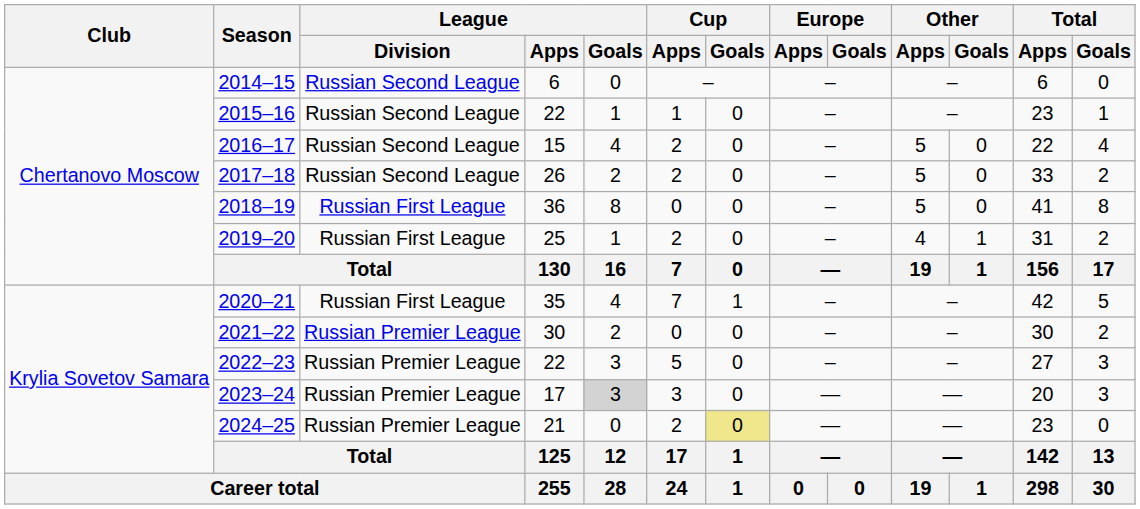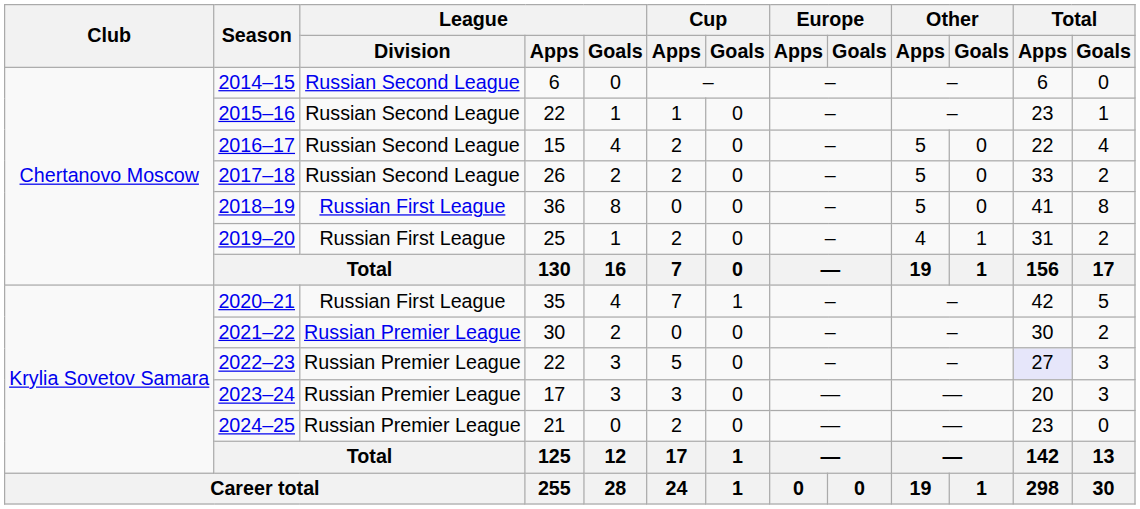 <table class="wikitable" style="text-align: center;">
 <tr>
 <th rowspan="2">Club</th>
 <th rowspan="2">Season</th>
 <th colspan="3">League</th>
 <th colspan="2">Cup</th>
 <th colspan="2">Europe</th>
 <th colspan="2">Other</th>
 <th colspan="2">Total</th>
 </tr>
 <tr>
 <th>Division</th>
 <th>Apps</th>
 <th>Goals</th>
 <th>Apps</th>
 <th>Goals</th>
 <th>Apps</th>
 <th>Goals</th>
 <th>Apps</th>
 <th>Goals</th>
 <th>Apps</th>
 <th>Goals</th>
 </tr>
 <tr>
 <td rowspan="7"><a href='#'>Chertanovo Moscow</a></td>
 <td><a href='#'>2014–15</a></td>
 <td><a href='#'>Russian Second League</a></td>
 <td>6</td>
 <td>0</td>
 <td colspan=2>–</td>
 <td colspan=2>–</td>
 <td colspan=2>–</td>
 <td>6</td>
 <td>0</td>
 </tr>
 <tr>
 <td><a href='#'>2015–16</a></td>
 <td>Russian Second League</td>
 <td>22</td>
 <td>1</td>
 <td>1</td>
 <td>0</td>
 <td colspan=2>–</td>
 <td colspan=2>–</td>
 <td>23</td>
 <td>1</td>
 </tr>
 <tr>
 <td><a href='#'>2016–17</a></td>
 <td>Russian Second League</td>
 <td>15</td>
 <td>4</td>
 <td>2</td>
 <td>0</td>
 <td colspan=2>–</td>
 <td>5</td>
 <td>0</td>
 <td>22</td>
 <td>4</td>
 </tr>
 <tr>
 <td><a href='#'>2017–18</a></td>
 <td>Russian Second League</td>
 <td>26</td>
 <td>2</td>
 <td>2</td>
 <td>0</td>
 <td colspan=2>–</td>
 <td>5</td>
 <td>0</td>
 <td>33</td>
 <td>2</td>
 </tr>
 <tr>
 <td><a href='#'>2018–19</a></td>
 <td><a href='#'>Russian First League</a></td>
 <td>36</td>
 <td>8</td>
 <td>0</td>
 <td>0</td>
 <td colspan=2>–</td>
 <td>5</td>
 <td>0</td>
 <td>41</td>
 <td>8</td>
 </tr>
 <tr>
 <td><a href='#'>2019–20</a></td>
 <td>Russian First League</td>
 <td>25</td>
 <td>1</td>
 <td>2</td>
 <td>0</td>
 <td colspan=2>–</td>
 <td>4</td>
 <td>1</td>
 <td>31</td>
 <td>2</td>
 </tr>
 <tr>
 <th colspan=2>Total</th>
 <th>130</th>
 <th>16</th>
 <th>7</th>
 <th>0</th>
 <th colspan="2">—</th>
 <th>19</th>
 <th>1</th>
 <th>156</th>
 <th>17</th>
 </tr>
 <tr>
 <td rowspan="6"><a href='#'>Krylia Sovetov Samara</a></td>
 <td><a href='#'>2020–21</a></td>
 <td>Russian First League</td>
 <td>35</td>
 <td>4</td>
 <td>7</td>
 <td>1</td>
 <td colspan=2>–</td>
 <td colspan=2>–</td>
 <td>42</td>
 <td>5</td>
 </tr>
 <tr>
 <td><a href='#'>2021–22</a></td>
 <td><a href='#'>Russian Premier League</a></td>
 <td>30</td>
 <td>2</td>
 <td>0</td>
 <td>0</td>
 <td colspan=2>–</td>
 <td colspan=2>–</td>
 <td>30</td>
 <td>2</td>
 </tr>
 <tr>
 <td><a href='#'>2022–23</a></td>
 <td>Russian Premier League</td>
 <td>22</td>
 <td>3</td>
 <td>5</td>
 <td>0</td>
 <td colspan=2>–</td>
 <td colspan=2>–</td>
-<td>27</td>
+<td style="background: lavender;">27</td>
 <td>3</td>
 </tr>
 <tr>
 <td><a href='#'>2023–24</a></td>
 <td>Russian Premier League</td>
 <td>17</td>
-<td style="background: lightgrey;">3</td>
+<td>3</td>
 <td>3</td>
 <td>0</td>
 <td colspan="2">—</td>
 <td colspan="2">—</td>
 <td>20</td>
 <td>3</td>
 </tr>
 <tr>
 <td><a href='#'>2024–25</a></td>
 <td>Russian Premier League</td>
 <td>21</td>
 <td>0</td>
 <td>2</td>
-<td style="background: khaki;">0</td>
+<td>0</td>
 <td colspan="2">—</td>
 <td colspan="2">—</td>
 <td>23</td>
 <td>0</td>
 </tr>
 <tr>
 <th colspan="2">Total</th>
 <th>125</th>
 <th>12</th>
 <th>17</th>
 <th>1</th>
 <th colspan="2">—</th>
 <th colspan="2">—</th>
 <th>142</th>
 <th>13</th>
 </tr>
 <tr>
 <th colspan="3">Career total</th>
 <th>255</th>
 <th>28</th>
 <th>24</th>
 <th>1</th>
 <th>0</th>
 <th>0</th>
 <th>19</th>
 <th>1</th>
 <th>298</th>
 <th>30</th>
 </tr>
 </table>
